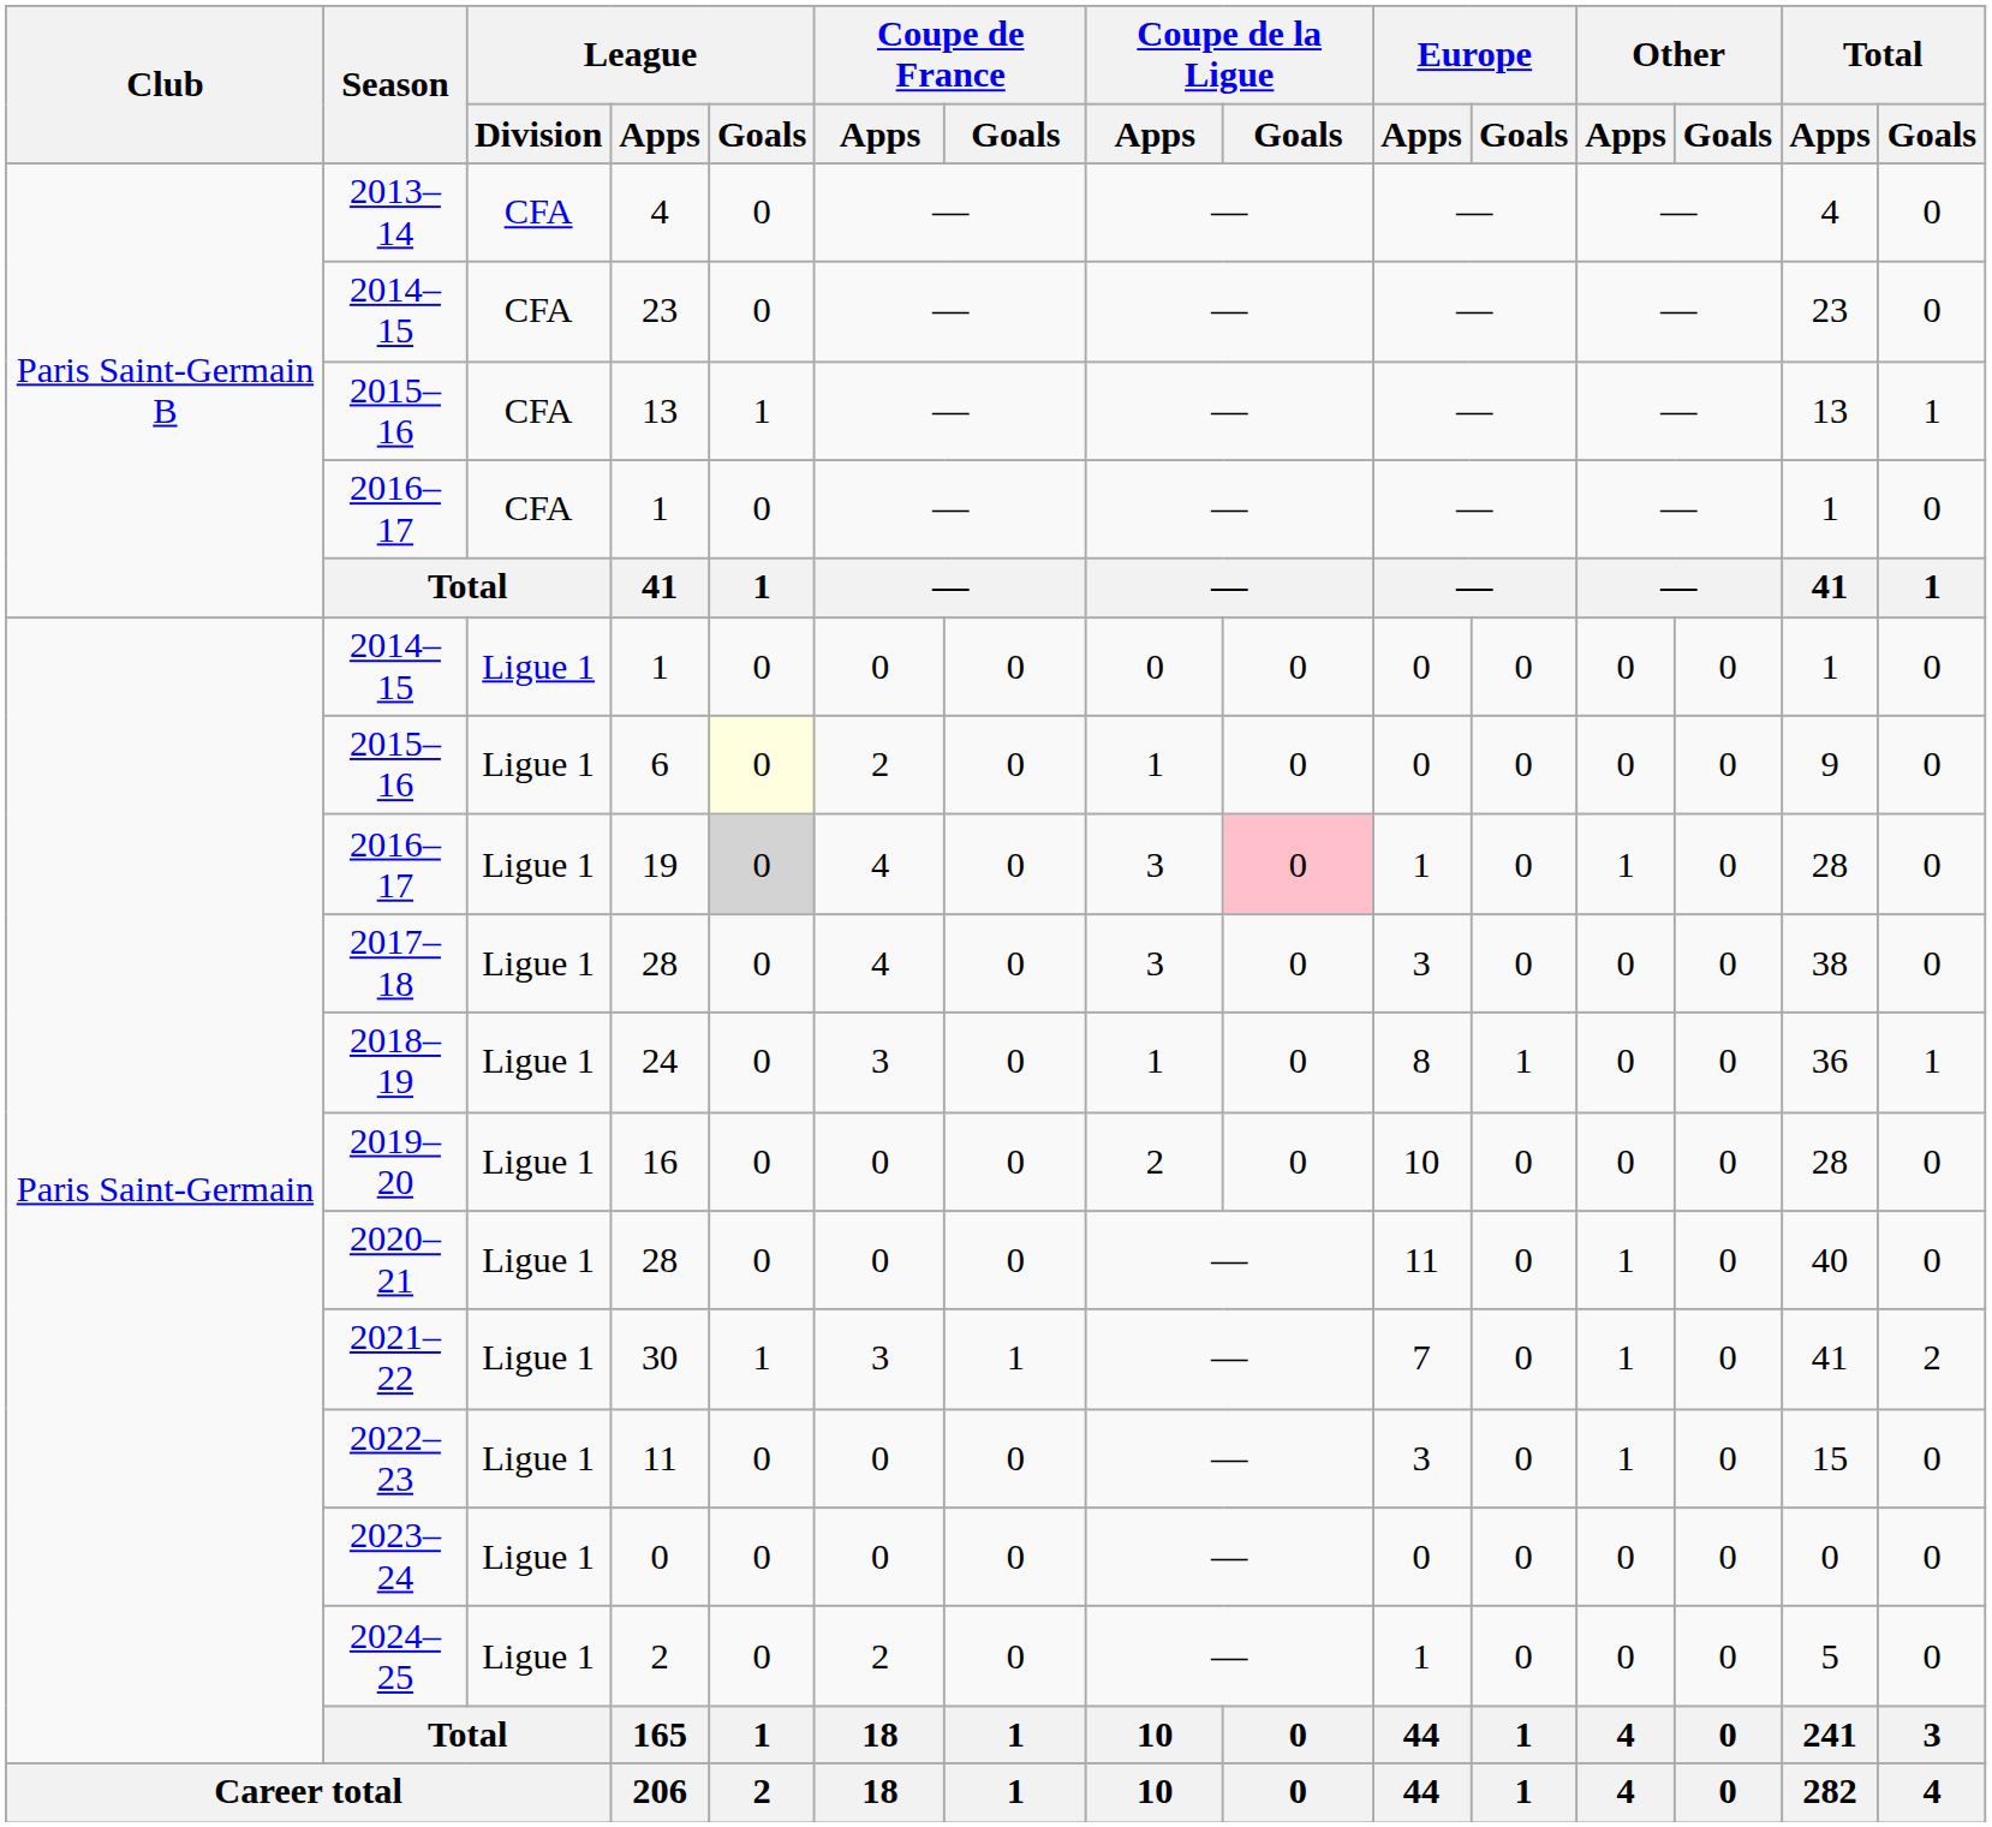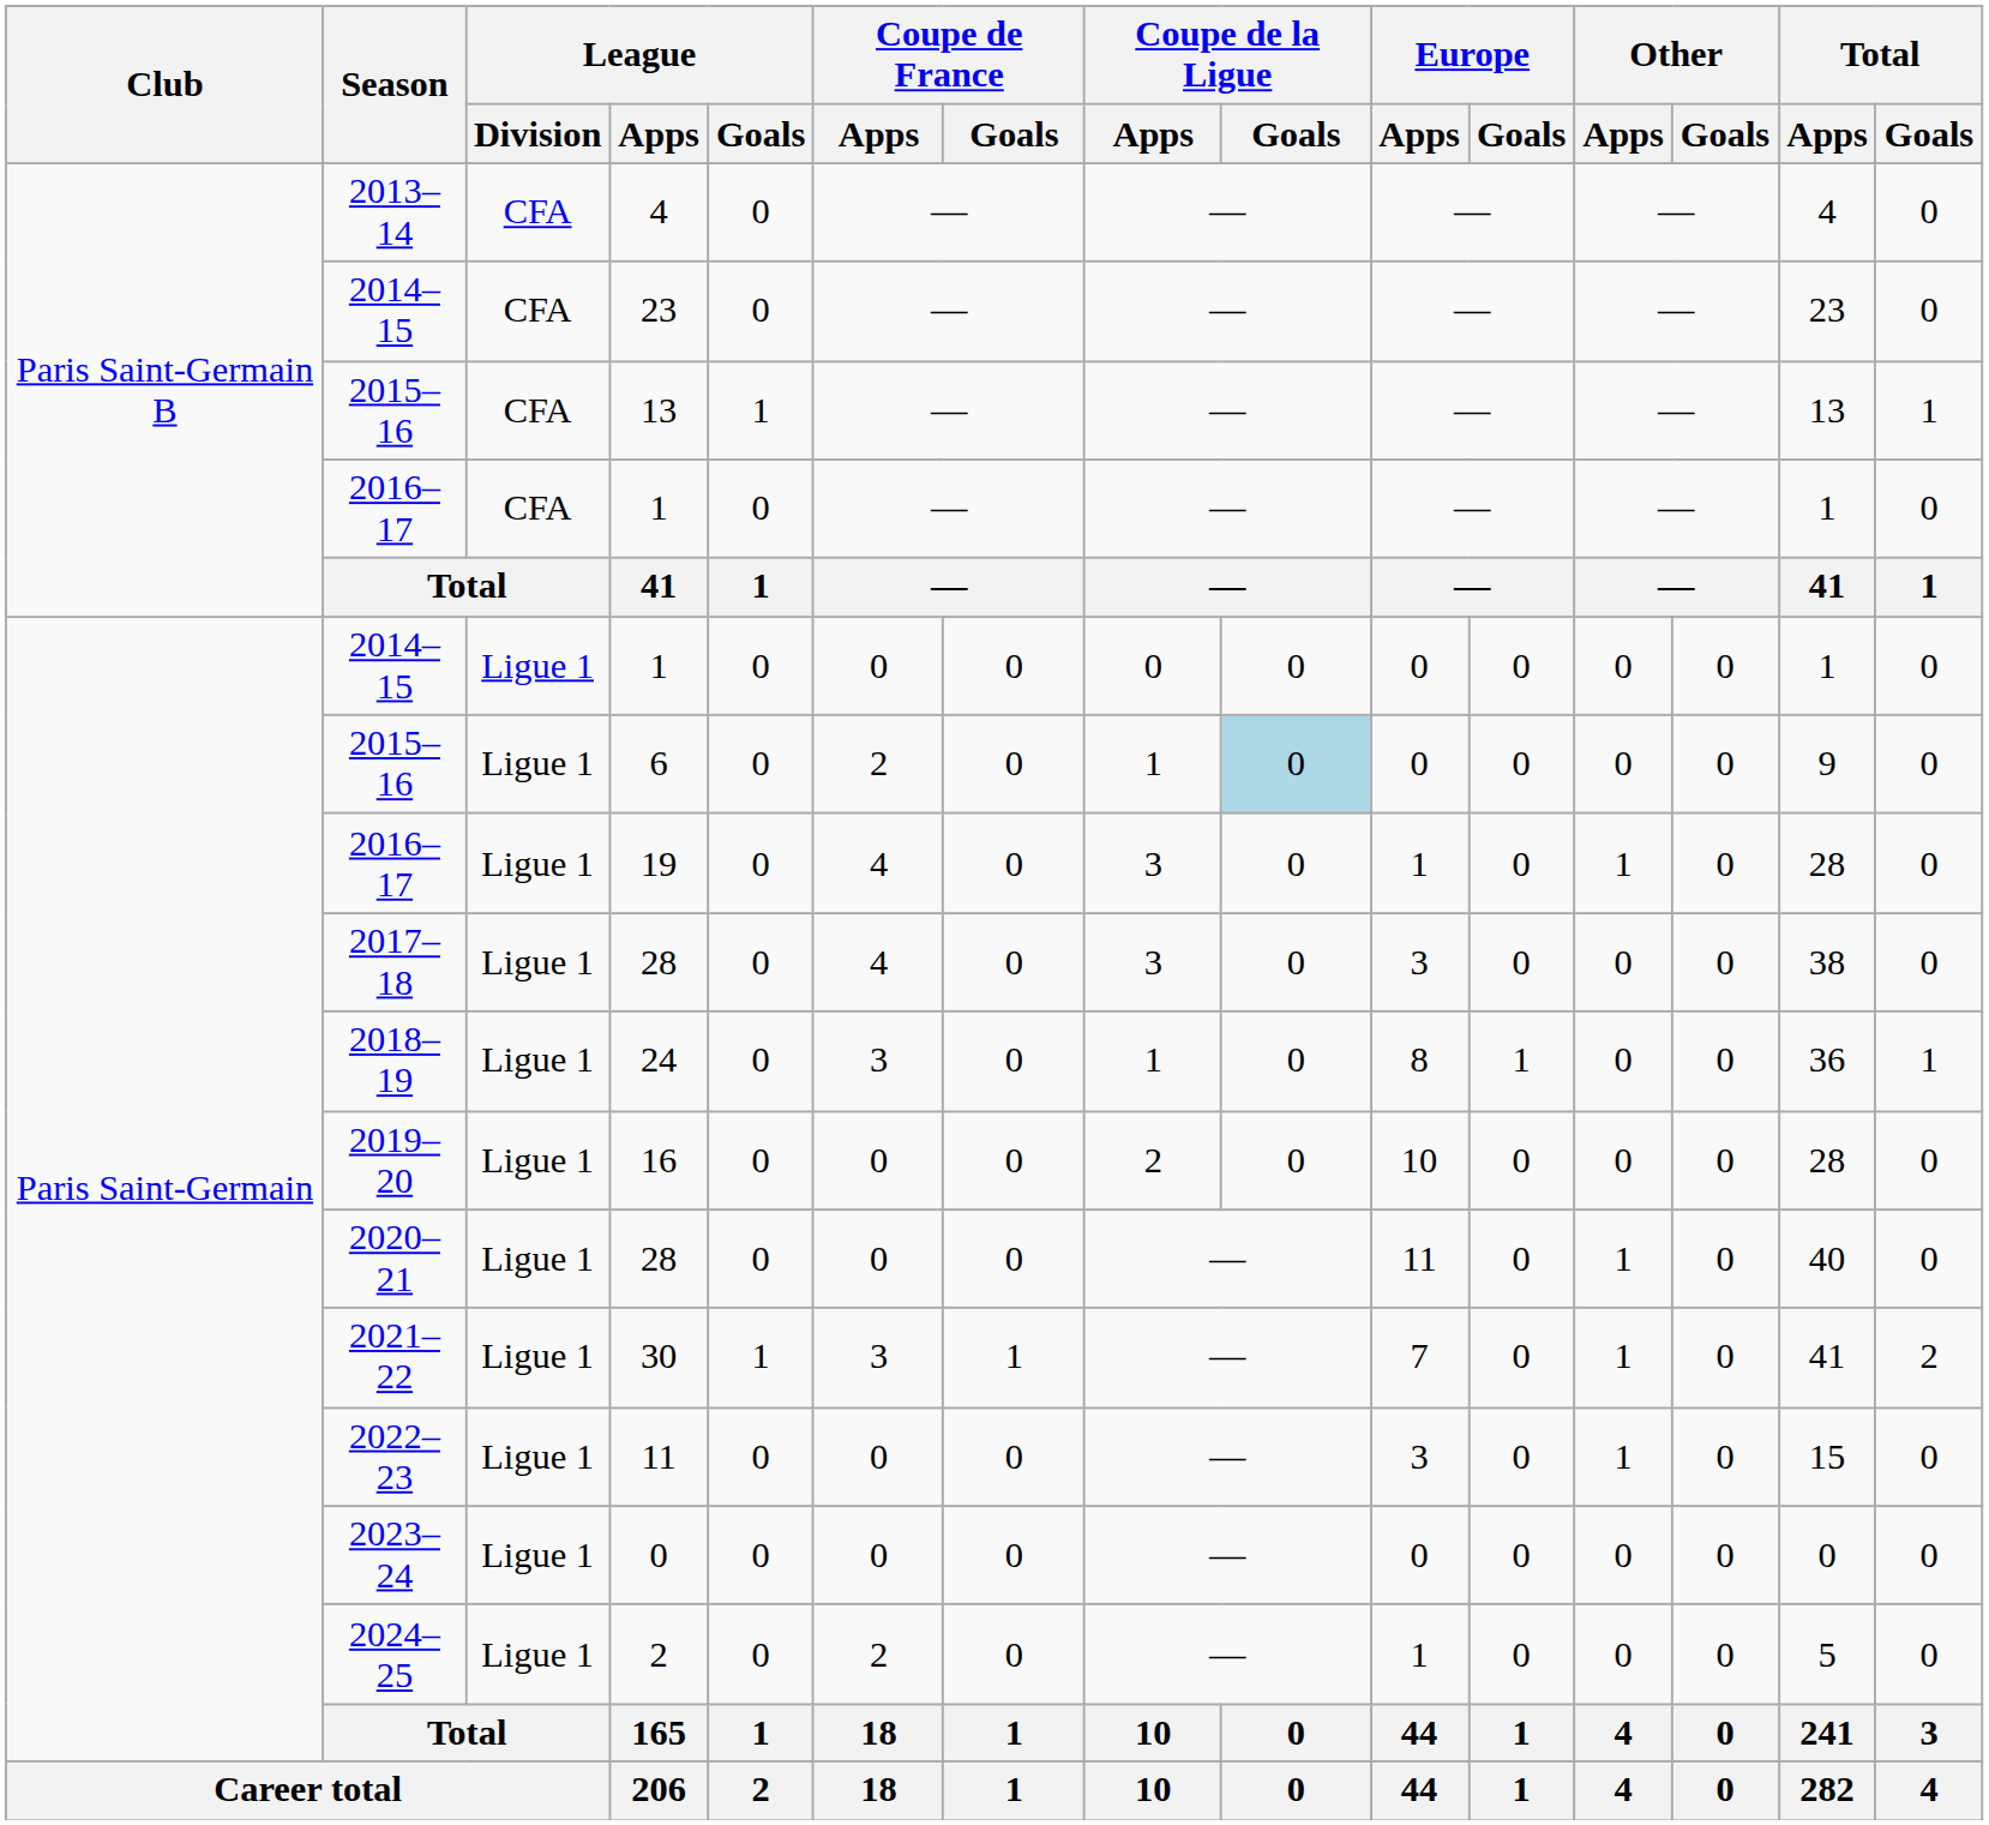 <table class="wikitable" style="text-align: center;">
 <tr>
 <th rowspan="2">Club</th>
 <th rowspan="2">Season</th>
 <th colspan="3">League</th>
 <th colspan="2"><a href='#'>Coupe de France</a></th>
 <th colspan="2"><a href='#'>Coupe de la Ligue</a></th>
 <th colspan="2"><a href='#'>Europe</a></th>
 <th colspan="2">Other</th>
 <th colspan="2">Total</th>
 </tr>
 <tr>
 <th>Division</th>
 <th>Apps</th>
 <th>Goals</th>
 <th>Apps</th>
 <th>Goals</th>
 <th>Apps</th>
 <th>Goals</th>
 <th>Apps</th>
 <th>Goals</th>
 <th>Apps</th>
 <th>Goals</th>
 <th>Apps</th>
 <th>Goals</th>
 </tr>
 <tr>
 <td rowspan="5"><a href='#'>Paris Saint-Germain B</a></td>
 <td><a href='#'>2013–14</a></td>
 <td><a href='#'>CFA</a></td>
 <td>4</td>
 <td>0</td>
 <td colspan="2">—</td>
 <td colspan="2">—</td>
 <td colspan="2">—</td>
 <td colspan="2">—</td>
 <td>4</td>
 <td>0</td>
 </tr>
 <tr>
 <td><a href='#'>2014–15</a></td>
 <td>CFA</td>
 <td>23</td>
 <td>0</td>
 <td colspan="2">—</td>
 <td colspan="2">—</td>
 <td colspan="2">—</td>
 <td colspan="2">—</td>
 <td>23</td>
 <td>0</td>
 </tr>
 <tr>
 <td><a href='#'>2015–16</a></td>
 <td>CFA</td>
 <td>13</td>
 <td>1</td>
 <td colspan="2">—</td>
 <td colspan="2">—</td>
 <td colspan="2">—</td>
 <td colspan="2">—</td>
 <td>13</td>
 <td>1</td>
 </tr>
 <tr>
 <td><a href='#'>2016–17</a></td>
 <td>CFA</td>
 <td>1</td>
 <td>0</td>
 <td colspan="2">—</td>
 <td colspan="2">—</td>
 <td colspan="2">—</td>
 <td colspan="2">—</td>
 <td>1</td>
 <td>0</td>
 </tr>
 <tr>
 <th colspan="2">Total</th>
 <th>41</th>
 <th>1</th>
 <th colspan="2">—</th>
 <th colspan="2">—</th>
 <th colspan="2">—</th>
 <th colspan="2">—</th>
 <th>41</th>
 <th>1</th>
 </tr>
 <tr>
 <td rowspan="12"><a href='#'>Paris Saint-Germain</a></td>
 <td><a href='#'>2014–15</a></td>
 <td><a href='#'>Ligue 1</a></td>
 <td>1</td>
 <td>0</td>
 <td>0</td>
 <td>0</td>
 <td>0</td>
 <td>0</td>
 <td>0</td>
 <td>0</td>
 <td>0</td>
 <td>0</td>
 <td>1</td>
 <td>0</td>
 </tr>
 <tr>
 <td><a href='#'>2015–16</a></td>
 <td>Ligue 1</td>
 <td>6</td>
-<td style="background: lightyellow;">0</td>
+<td>0</td>
 <td>2</td>
 <td>0</td>
 <td>1</td>
-<td>0</td>
+<td style="background: lightblue;">0</td>
 <td>0</td>
 <td>0</td>
 <td>0</td>
 <td>0</td>
 <td>9</td>
 <td>0</td>
 </tr>
 <tr>
 <td><a href='#'>2016–17</a></td>
 <td>Ligue 1</td>
 <td>19</td>
-<td style="background: lightgrey;">0</td>
+<td>0</td>
 <td>4</td>
 <td>0</td>
 <td>3</td>
-<td style="background: pink;">0</td>
+<td>0</td>
 <td>1</td>
 <td>0</td>
 <td>1</td>
 <td>0</td>
 <td>28</td>
 <td>0</td>
 </tr>
 <tr>
 <td><a href='#'>2017–18</a></td>
 <td>Ligue 1</td>
 <td>28</td>
 <td>0</td>
 <td>4</td>
 <td>0</td>
 <td>3</td>
 <td>0</td>
 <td>3</td>
 <td>0</td>
 <td>0</td>
 <td>0</td>
 <td>38</td>
 <td>0</td>
 </tr>
 <tr>
 <td><a href='#'>2018–19</a></td>
 <td>Ligue 1</td>
 <td>24</td>
 <td>0</td>
 <td>3</td>
 <td>0</td>
 <td>1</td>
 <td>0</td>
 <td>8</td>
 <td>1</td>
 <td>0</td>
 <td>0</td>
 <td>36</td>
 <td>1</td>
 </tr>
 <tr>
 <td><a href='#'>2019–20</a></td>
 <td>Ligue 1</td>
 <td>16</td>
 <td>0</td>
 <td>0</td>
 <td>0</td>
 <td>2</td>
 <td>0</td>
 <td>10</td>
 <td>0</td>
 <td>0</td>
 <td>0</td>
 <td>28</td>
 <td>0</td>
 </tr>
 <tr>
 <td><a href='#'>2020–21</a></td>
 <td>Ligue 1</td>
 <td>28</td>
 <td>0</td>
 <td>0</td>
 <td>0</td>
 <td colspan="2">—</td>
 <td>11</td>
 <td>0</td>
 <td>1</td>
 <td>0</td>
 <td>40</td>
 <td>0</td>
 </tr>
 <tr>
 <td><a href='#'>2021–22</a></td>
 <td>Ligue 1</td>
 <td>30</td>
 <td>1</td>
 <td>3</td>
 <td>1</td>
 <td colspan="2">—</td>
 <td>7</td>
 <td>0</td>
 <td>1</td>
 <td>0</td>
 <td>41</td>
 <td>2</td>
 </tr>
 <tr>
 <td><a href='#'>2022–23</a></td>
 <td>Ligue 1</td>
 <td>11</td>
 <td>0</td>
 <td>0</td>
 <td>0</td>
 <td colspan="2">—</td>
 <td>3</td>
 <td>0</td>
 <td>1</td>
 <td>0</td>
 <td>15</td>
 <td>0</td>
 </tr>
 <tr>
 <td><a href='#'>2023–24</a></td>
 <td>Ligue 1</td>
 <td>0</td>
 <td>0</td>
 <td>0</td>
 <td>0</td>
 <td colspan="2">—</td>
 <td>0</td>
 <td>0</td>
 <td>0</td>
 <td>0</td>
 <td>0</td>
 <td>0</td>
 </tr>
 <tr>
 <td><a href='#'>2024–25</a></td>
 <td>Ligue 1</td>
 <td>2</td>
 <td>0</td>
 <td>2</td>
 <td>0</td>
 <td colspan="2">—</td>
 <td>1</td>
 <td>0</td>
 <td>0</td>
 <td>0</td>
 <td>5</td>
 <td>0</td>
 </tr>
 <tr>
 <th colspan="2">Total</th>
 <th>165</th>
 <th>1</th>
 <th>18</th>
 <th>1</th>
 <th>10</th>
 <th>0</th>
 <th>44</th>
 <th>1</th>
 <th>4</th>
 <th>0</th>
 <th>241</th>
 <th>3</th>
 </tr>
 <tr>
 <th colspan="3">Career total</th>
 <th>206</th>
 <th>2</th>
 <th>18</th>
 <th>1</th>
 <th>10</th>
 <th>0</th>
 <th>44</th>
 <th>1</th>
 <th>4</th>
 <th>0</th>
 <th>282</th>
 <th>4</th>
 </tr>
 </table>
